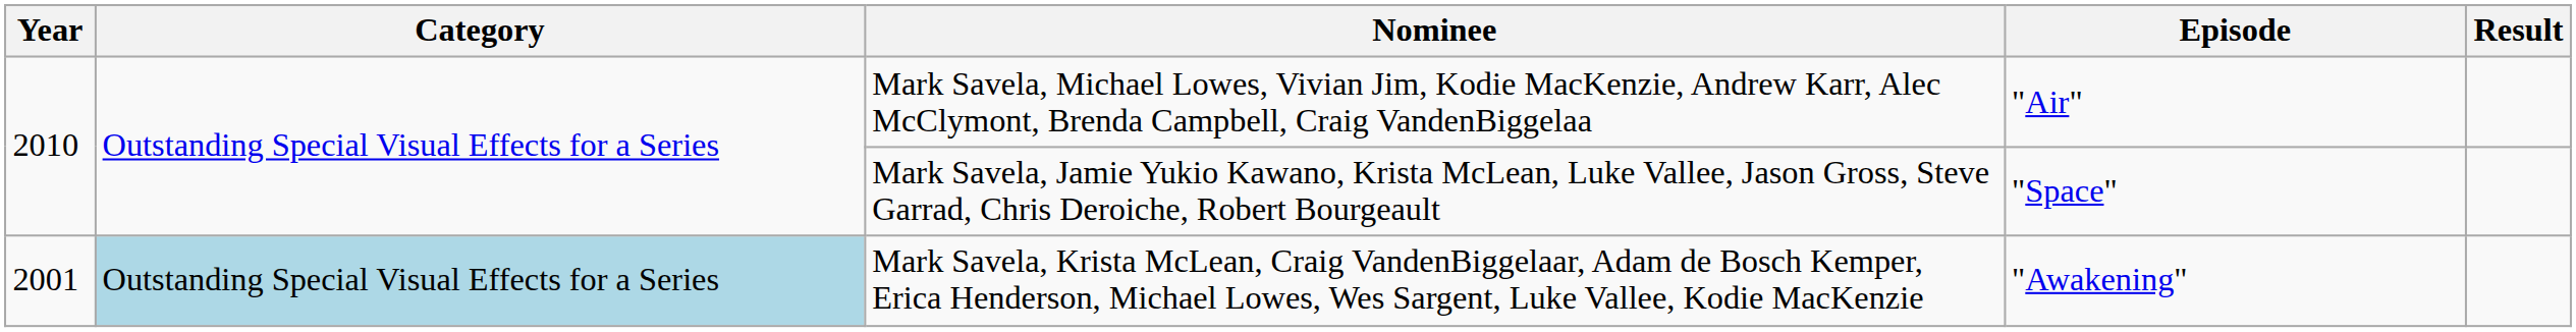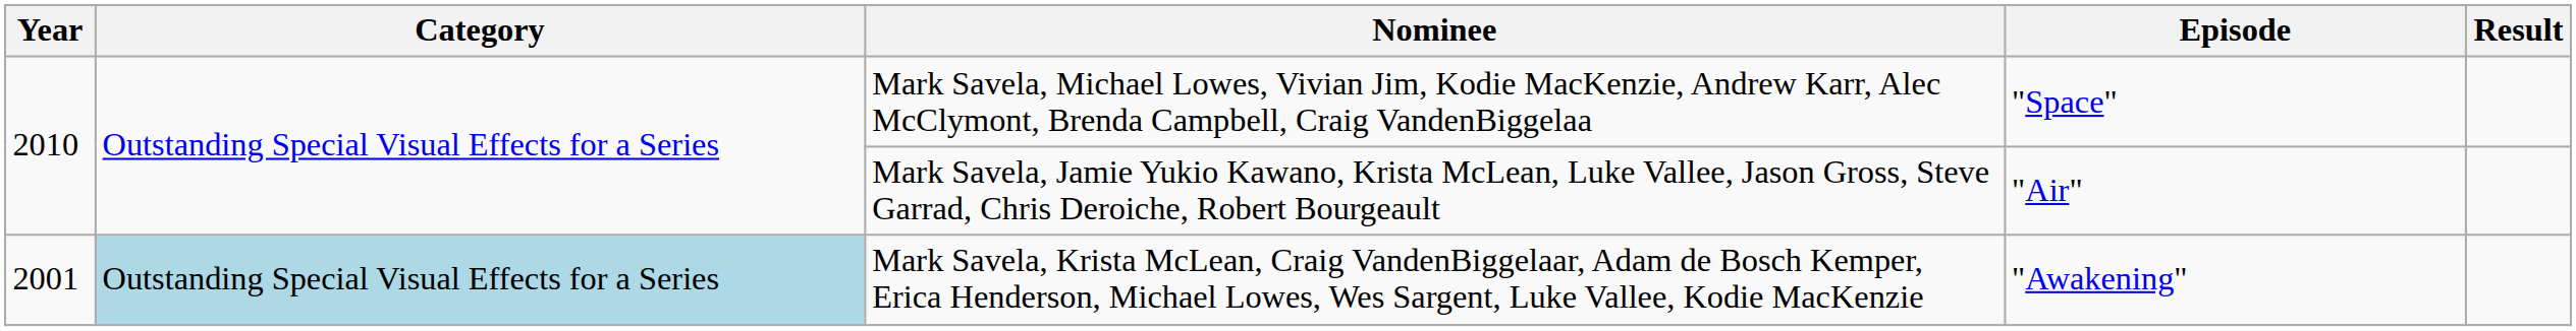 <table class="wikitable">
 <tr>
 <th width="3.5%">Year</th>
 <th width="30%">Category</th>
 <th>Nominee</th>
 <th width="18%">Episode</th>
 <th width="3.5%">Result</th>
 </tr>
 <tr>
 <td rowspan=2>2010</td>
 <td rowspan=2><a href='#'>Outstanding Special Visual Effects for a Series</a></td>
 <td>Mark Savela, Michael Lowes, Vivian Jim, Kodie MacKenzie, Andrew Karr, Alec McClymont, Brenda Campbell, Craig VandenBiggelaa</td>
-<td>"<a href='#'>Air</a>"</td>
+<td>"<a href='#'>Space</a>"</td>
 <td></td>
 </tr>
 <tr>
 <td>Mark Savela, Jamie Yukio Kawano, Krista McLean, Luke Vallee, Jason Gross, Steve Garrad, Chris Deroiche, Robert Bourgeault</td>
-<td>"<a href='#'>Space</a>"</td>
+<td>"<a href='#'>Air</a>"</td>
 <td></td>
 </tr>
 <tr>
 <td>2001</td>
 <td style="background: lightblue;">Outstanding Special Visual Effects for a Series</td>
 <td>Mark Savela, Krista McLean, Craig VandenBiggelaar, Adam de Bosch Kemper, Erica Henderson, Michael Lowes, Wes Sargent, Luke Vallee, Kodie MacKenzie</td>
 <td>"<a href='#'>Awakening</a>"</td>
 <td></td>
 </tr>
 </table>
